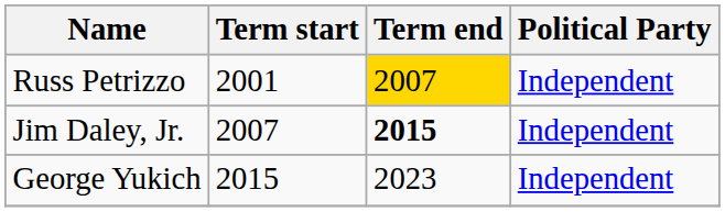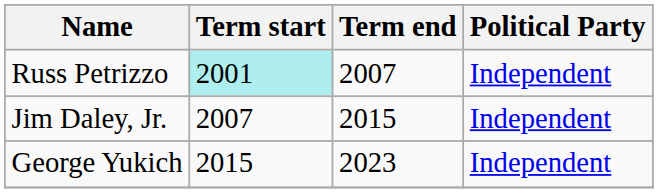 <table class="wikitable">
 <tr>
 <th>Name</th>
 <th>Term start</th>
 <th>Term end</th>
 <th>Political Party</th>
 </tr>
 <tr>
 <td>Russ Petrizzo</td>
-<td>2001 </td>
-<td style="background: gold;">2007</td>
+<td style="background: paleturquoise;">2001 </td>
+<td>2007</td>
 <td><a href='#'>Independent</a></td>
 </tr>
 <tr>
 <td>Jim Daley, Jr.</td>
 <td>2007</td>
-<td><strong>2015</strong></td>
+<td>2015</td>
 <td><a href='#'>Independent</a></td>
 </tr>
 <tr>
 <td>George Yukich</td>
 <td>2015</td>
 <td>2023</td>
 <td><a href='#'>Independent</a></td>
 </tr>
 <tr>
 </tr>
 </table>
